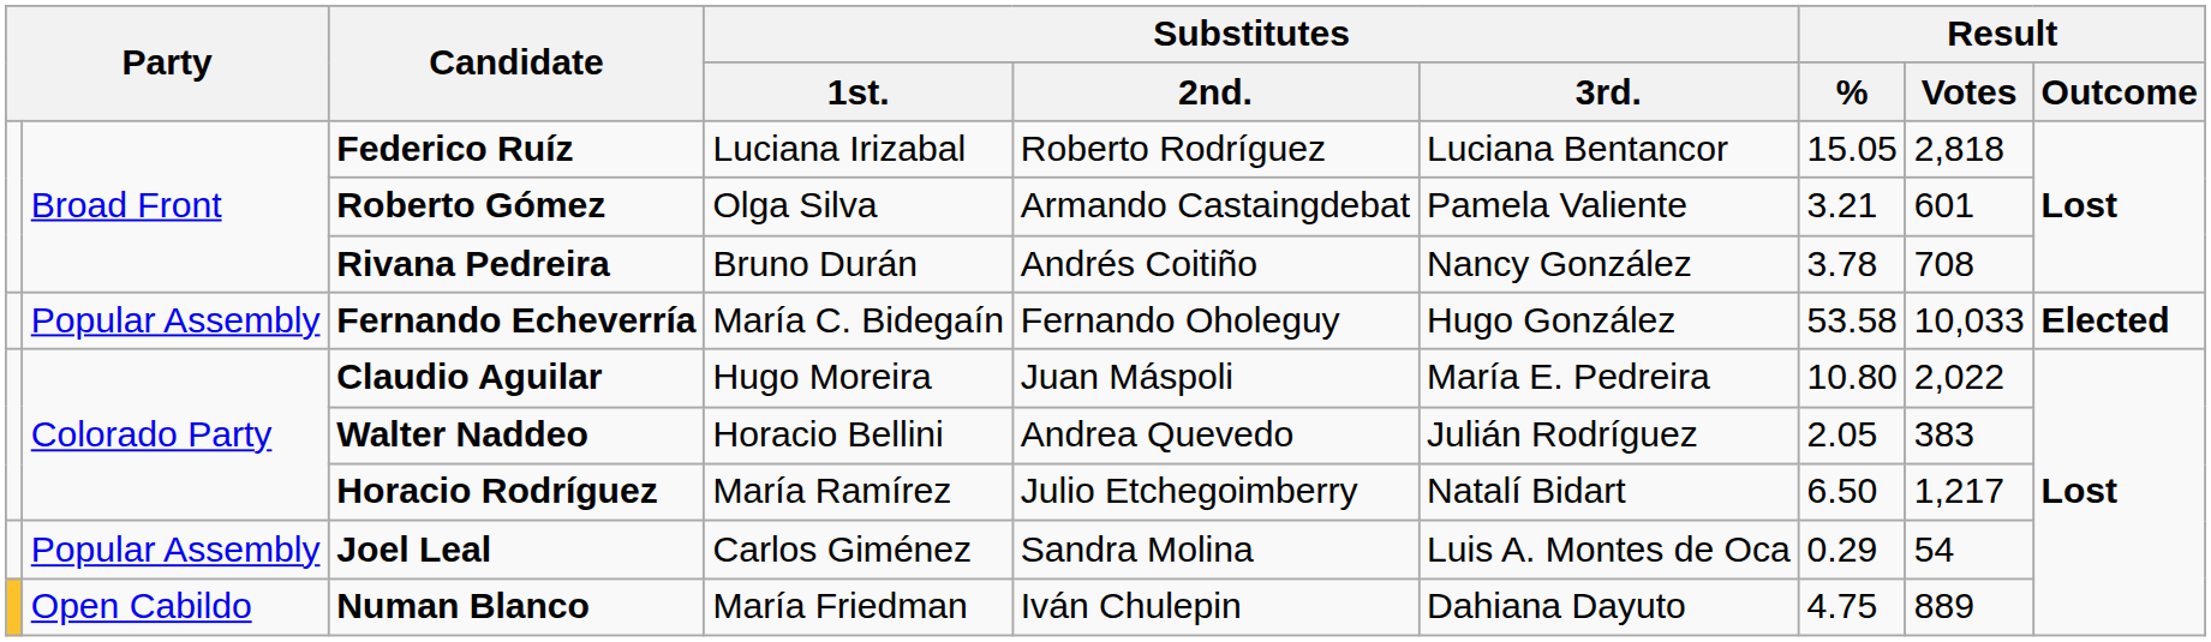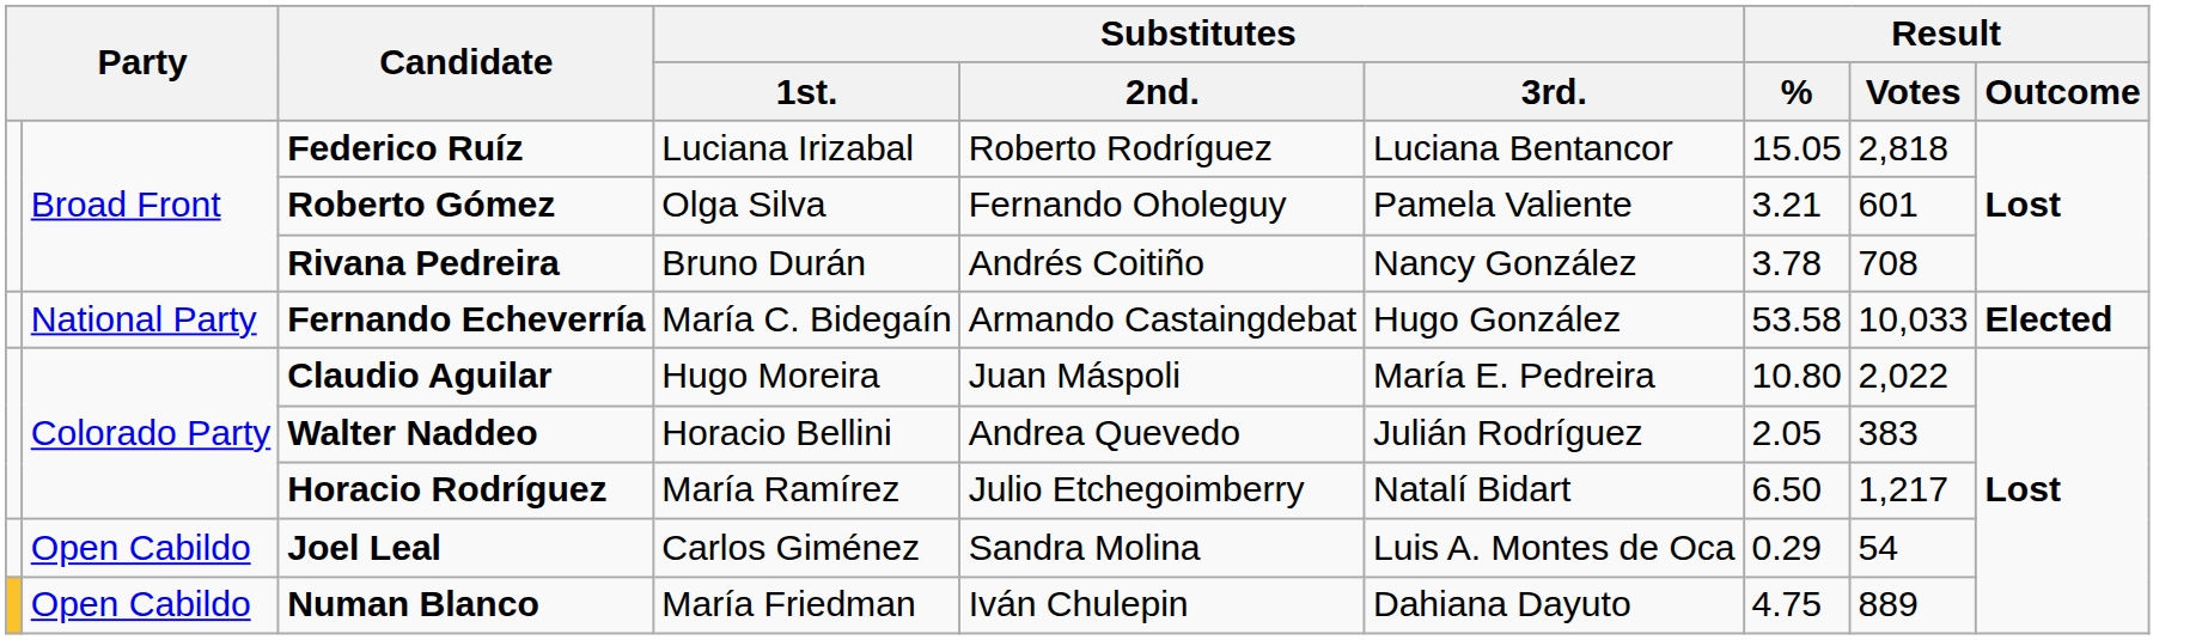 <table class="wikitable">
 <tr>
 <th colspan="2" rowspan="2">Party</th>
 <th rowspan="2">Candidate</th>
 <th colspan="3">Substitutes</th>
 <th colspan="3">Result</th>
 </tr>
 <tr>
 <th>1st.</th>
 <th>2nd.</th>
 <th>3rd.</th>
 <th>%</th>
 <th>Votes</th>
 <th>Outcome</th>
 </tr>
 <tr>
 <td rowspan="3" style="background:"></td>
 <td rowspan="3"><a href='#'>Broad Front</a></td>
 <td><strong>Federico Ruíz</strong></td>
 <td>Luciana Irizabal</td>
 <td>Roberto Rodríguez</td>
 <td>Luciana Bentancor</td>
 <td>15.05</td>
 <td>2,818</td>
 <td rowspan="3"><strong>Lost</strong> </td>
 </tr>
 <tr>
 <td><strong>Roberto Gómez</strong></td>
 <td>Olga Silva</td>
-<td>Armando Castaingdebat</td>
+<td>Fernando Oholeguy</td>
 <td>Pamela Valiente</td>
 <td>3.21</td>
 <td>601</td>
 </tr>
 <tr>
 <td><strong>Rivana Pedreira</strong></td>
 <td>Bruno Durán</td>
 <td>Andrés Coitiño</td>
 <td>Nancy González</td>
 <td>3.78</td>
 <td>708</td>
 </tr>
 <tr>
 <td rowspan="1" style="background:"></td>
-<td><a href='#'>Popular Assembly</a></td>
+<td rowspan="1"><a href='#'>National Party</a></td>
 <td><strong>Fernando Echeverría</strong></td>
 <td>María C. Bidegaín</td>
-<td>Fernando Oholeguy</td>
+<td>Armando Castaingdebat</td>
 <td>Hugo González</td>
 <td>53.58</td>
 <td>10,033</td>
 <td><strong>Elected</strong> </td>
 </tr>
 <tr>
 <td rowspan="3" style="background:"></td>
 <td rowspan="3"><a href='#'>Colorado Party</a></td>
 <td><strong>Claudio Aguilar</strong></td>
 <td>Hugo Moreira</td>
 <td>Juan Máspoli</td>
 <td>María E. Pedreira</td>
 <td>10.80</td>
 <td>2,022</td>
 <td rowspan="5"><strong>Lost</strong> </td>
 </tr>
 <tr>
 <td><strong>Walter Naddeo</strong></td>
 <td>Horacio Bellini</td>
 <td>Andrea Quevedo</td>
 <td>Julián Rodríguez</td>
 <td>2.05</td>
 <td>383</td>
 </tr>
 <tr>
 <td><strong>Horacio Rodríguez</strong></td>
 <td>María Ramírez</td>
 <td>Julio Etchegoimberry</td>
 <td>Natalí Bidart</td>
 <td>6.50</td>
 <td>1,217</td>
 </tr>
 <tr>
 <td style="background:"></td>
-<td><a href='#'>Popular Assembly</a></td>
+<td rowspan="1"><a href='#'>Open Cabildo</a></td>
 <td><strong>Joel Leal</strong></td>
 <td>Carlos Giménez</td>
 <td>Sandra Molina</td>
 <td>Luis A. Montes de Oca</td>
 <td>0.29</td>
 <td>54</td>
 </tr>
 <tr>
 <td rowspan="1" style="background:#FBC22B"></td>
 <td rowspan="1"><a href='#'>Open Cabildo</a></td>
 <td><strong>Numan Blanco</strong></td>
 <td>María Friedman</td>
 <td>Iván Chulepin</td>
 <td>Dahiana Dayuto</td>
 <td>4.75</td>
 <td>889</td>
 </tr>
 </table>
